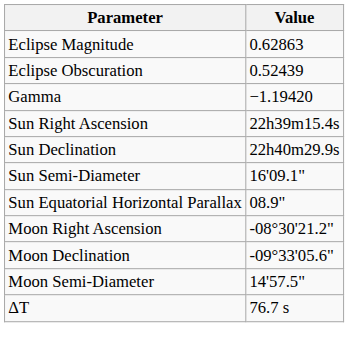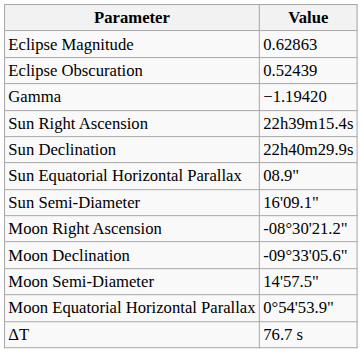 <table class="wikitable">
 <tr>
 <th>Parameter</th>
 <th>Value</th>
 </tr>
 <tr>
 <td>Eclipse Magnitude</td>
 <td>0.62863</td>
 </tr>
 <tr>
 <td>Eclipse Obscuration</td>
 <td>0.52439</td>
 </tr>
 <tr>
 <td>Gamma</td>
 <td>−1.19420</td>
 </tr>
 <tr>
 <td>Sun Right Ascension</td>
 <td>22h39m15.4s</td>
 </tr>
 <tr>
 <td>Sun Declination</td>
 <td>22h40m29.9s</td>
 </tr>
 <tr>
+<td>Sun Equatorial Horizontal Parallax</td>
+<td>08.9"</td>
+</tr>
+<tr>
 <td>Sun Semi-Diameter</td>
 <td>16'09.1"</td>
-</tr>
-<tr>
-<td>Sun Equatorial Horizontal Parallax</td>
-<td>08.9"</td>
 </tr>
 <tr>
 <td>Moon Right Ascension</td>
 <td>-08°30'21.2"</td>
 </tr>
 <tr>
 <td>Moon Declination</td>
 <td>-09°33'05.6"</td>
 </tr>
 <tr>
 <td>Moon Semi-Diameter</td>
 <td>14'57.5"</td>
 </tr>
 <tr>
+<td>Moon Equatorial Horizontal Parallax</td>
+<td>0°54'53.9"</td>
+</tr>
+<tr>
 <td>ΔT</td>
 <td>76.7 s</td>
 </tr>
 </table>
